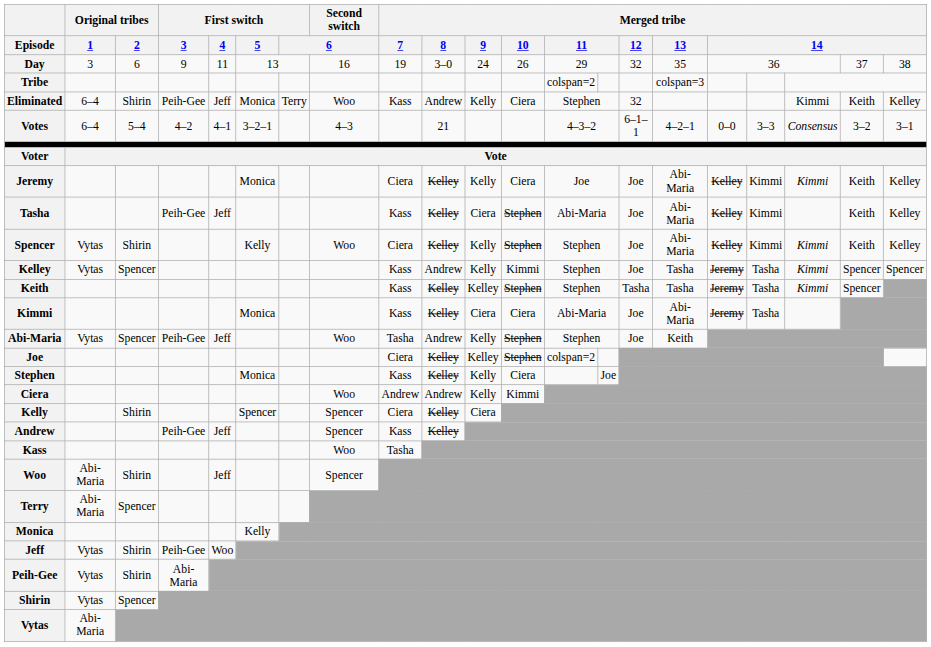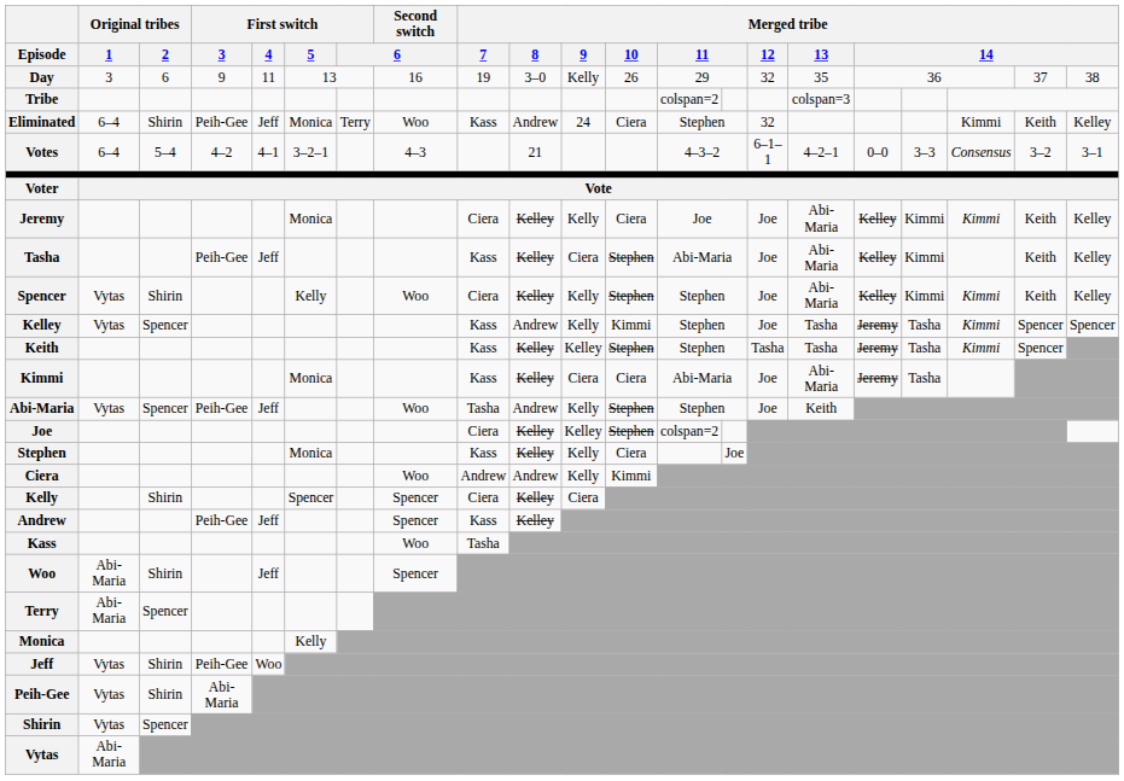 <table class="wikitable" style="text-align:center; width:100%">
 <tr>
 <th></th>
 <th colspan=2>Original tribes</th>
 <th colspan=4>First switch</th>
 <th>Second switch</th>
 <th colspan=13>Merged tribe</th>
 </tr>
 <tr>
 <th>Episode</th>
 <th><a href='#'>1</a></th>
 <th><a href='#'>2</a></th>
 <th><a href='#'>3</a></th>
 <th><a href='#'>4</a></th>
 <th><a href='#'>5</a></th>
 <th colspan=2><a href='#'>6</a></th>
 <th><a href='#'>7</a></th>
 <th><a href='#'>8</a></th>
 <th><a href='#'>9</a></th>
 <th><a href='#'>10</a></th>
 <th colspan=2><a href='#'>11</a></th>
 <th><a href='#'>12</a></th>
 <th><a href='#'>13</a></th>
 <th colspan=5><a href='#'>14</a></th>
 </tr>
 <tr>
 <th>Day</th>
 <td>3</td>
 <td>6</td>
 <td>9</td>
 <td>11</td>
 <td colspan=2>13</td>
 <td>16</td>
 <td>19</td>
 <td>3–0</td>
-<td>24</td>
+<td>Kelly</td>
 <td>26</td>
 <td colspan=2>29</td>
 <td>32</td>
 <td>35</td>
 <td colspan=3>36</td>
 <td>37</td>
 <td>38</td>
 </tr>
 <tr>
 <th>Tribe</th>
 <td></td>
 <td></td>
 <td></td>
 <td></td>
 <td></td>
 <td></td>
 <td></td>
 <td></td>
 <td></td>
 <td></td>
 <td></td>
 <td>colspan=2 </td>
 <td></td>
 <td></td>
 <td>colspan=3 </td>
 <td></td>
 <td></td>
 </tr>
 <tr>
 <th>Eliminated</th>
 <td>6–4</td>
 <td>Shirin</td>
 <td>Peih-Gee</td>
 <td>Jeff</td>
 <td>Monica</td>
 <td>Terry</td>
 <td>Woo</td>
 <td>Kass</td>
 <td>Andrew</td>
-<td>Kelly</td>
+<td>24</td>
 <td>Ciera</td>
 <td colspan=2>Stephen</td>
 <td>32</td>
 <td></td>
 <td></td>
 <td></td>
 <td>Kimmi</td>
 <td>Keith</td>
 <td>Kelley</td>
 </tr>
 <tr>
 <th>Votes</th>
 <td>6–4</td>
 <td>5–4</td>
 <td>4–2</td>
 <td>4–1</td>
 <td>3–2–1</td>
 <td></td>
 <td>4–3</td>
 <td></td>
 <td>21</td>
 <td></td>
 <td></td>
 <td colspan=2>4–3–2</td>
 <td>6–1–1</td>
 <td>4–2–1</td>
 <td>0–0</td>
 <td>3–3</td>
 <td><em>Consensus</em></td>
 <td>3–2</td>
 <td>3–1</td>
 </tr>
 <tr>
 <td bgcolor=black colspan=24></td>
 </tr>
 <tr>
 <th>Voter</th>
 <th colspan=20>Vote</th>
 </tr>
 <tr>
 <th>Jeremy</th>
 <td></td>
 <td></td>
 <td></td>
 <td></td>
 <td>Monica</td>
 <td></td>
 <td></td>
 <td>Ciera</td>
 <td><s>Kelley</s></td>
 <td>Kelly</td>
 <td>Ciera</td>
 <td colspan=2>Joe</td>
 <td>Joe</td>
 <td>Abi-Maria</td>
 <td><s>Kelley</s></td>
 <td>Kimmi</td>
 <td><em>Kimmi</em></td>
 <td>Keith</td>
 <td>Kelley</td>
 </tr>
 <tr>
 <th>Tasha</th>
 <td></td>
 <td></td>
 <td>Peih-Gee</td>
 <td>Jeff</td>
 <td></td>
 <td></td>
 <td></td>
 <td>Kass</td>
 <td><s>Kelley</s></td>
 <td>Ciera</td>
 <td><s>Stephen</s></td>
 <td colspan=2>Abi-Maria</td>
 <td>Joe</td>
 <td>Abi-Maria</td>
 <td><s>Kelley</s></td>
 <td>Kimmi</td>
 <td></td>
 <td>Keith</td>
 <td>Kelley</td>
 </tr>
 <tr>
 <th>Spencer</th>
 <td>Vytas</td>
 <td>Shirin</td>
 <td></td>
 <td></td>
 <td>Kelly</td>
 <td></td>
 <td>Woo</td>
 <td>Ciera</td>
 <td><s>Kelley</s></td>
 <td>Kelly</td>
 <td><s>Stephen</s></td>
 <td colspan=2>Stephen</td>
 <td>Joe</td>
 <td>Abi-Maria</td>
 <td><s>Kelley</s></td>
 <td>Kimmi</td>
 <td><em>Kimmi</em></td>
 <td>Keith</td>
 <td>Kelley</td>
 </tr>
 <tr>
 <th>Kelley</th>
 <td>Vytas</td>
 <td>Spencer</td>
 <td></td>
 <td></td>
 <td></td>
 <td></td>
 <td></td>
 <td>Kass</td>
 <td>Andrew</td>
 <td>Kelly</td>
 <td>Kimmi</td>
 <td colspan=2>Stephen</td>
 <td>Joe</td>
 <td>Tasha</td>
 <td><s>Jeremy</s></td>
 <td>Tasha</td>
 <td><em>Kimmi</em></td>
 <td>Spencer</td>
 <td>Spencer</td>
 </tr>
 <tr>
 <th>Keith</th>
 <td></td>
 <td></td>
 <td></td>
 <td></td>
 <td></td>
 <td></td>
 <td></td>
 <td>Kass</td>
 <td><s>Kelley</s></td>
 <td>Kelley</td>
 <td><s>Stephen</s></td>
 <td colspan=2>Stephen</td>
 <td>Tasha</td>
 <td>Tasha</td>
 <td><s>Jeremy</s></td>
 <td>Tasha</td>
 <td><em>Kimmi</em></td>
 <td>Spencer</td>
 <td bgcolor=darkgray></td>
 </tr>
 <tr>
 <th>Kimmi</th>
 <td></td>
 <td></td>
 <td></td>
 <td></td>
 <td>Monica</td>
 <td></td>
 <td></td>
 <td>Kass</td>
 <td><s>Kelley</s></td>
 <td>Ciera</td>
 <td>Ciera</td>
 <td colspan=2>Abi-Maria</td>
 <td>Joe</td>
 <td>Abi-Maria</td>
 <td><s>Jeremy</s></td>
 <td>Tasha</td>
 <td></td>
 <td bgcolor=darkgray colspan=2></td>
 </tr>
 <tr>
 <th>Abi-Maria</th>
 <td>Vytas</td>
 <td>Spencer</td>
 <td>Peih-Gee</td>
 <td>Jeff</td>
 <td></td>
 <td></td>
 <td>Woo</td>
 <td>Tasha</td>
 <td>Andrew</td>
 <td>Kelly</td>
 <td><s>Stephen</s></td>
 <td colspan=2>Stephen</td>
 <td>Joe</td>
 <td>Keith</td>
 <td bgcolor=darkgray colspan=5></td>
 </tr>
 <tr>
 <th>Joe</th>
 <td></td>
 <td></td>
 <td></td>
 <td></td>
 <td></td>
 <td></td>
 <td></td>
 <td>Ciera</td>
 <td><s>Kelley</s></td>
 <td>Kelley</td>
 <td><s>Stephen</s></td>
 <td>colspan=2 </td>
 <td></td>
 <td bgcolor=darkgray colspan=6></td>
 </tr>
 <tr>
 <th>Stephen</th>
 <td></td>
 <td></td>
 <td></td>
 <td></td>
 <td>Monica</td>
 <td></td>
 <td></td>
 <td>Kass</td>
 <td><s>Kelley</s></td>
 <td>Kelly</td>
 <td>Ciera</td>
 <td></td>
 <td>Joe</td>
 <td bgcolor=darkgray colspan=7></td>
 </tr>
 <tr>
 <th>Ciera</th>
 <td></td>
 <td></td>
 <td></td>
 <td></td>
 <td></td>
 <td></td>
 <td>Woo</td>
 <td>Andrew</td>
 <td>Andrew</td>
 <td>Kelly</td>
 <td>Kimmi</td>
 <td bgcolor=darkgray colspan=9></td>
 </tr>
 <tr>
 <th>Kelly</th>
 <td></td>
 <td>Shirin</td>
 <td></td>
 <td></td>
 <td>Spencer</td>
 <td></td>
 <td>Spencer</td>
 <td>Ciera</td>
 <td><s>Kelley</s></td>
 <td>Ciera</td>
 <td bgcolor=darkgray colspan=10></td>
 </tr>
 <tr>
 <th>Andrew</th>
 <td></td>
 <td></td>
 <td>Peih-Gee</td>
 <td>Jeff</td>
 <td></td>
 <td></td>
 <td>Spencer</td>
 <td>Kass</td>
 <td><s>Kelley</s></td>
 <td bgcolor=darkgray colspan=11></td>
 </tr>
 <tr>
 <th>Kass</th>
 <td></td>
 <td></td>
 <td></td>
 <td></td>
 <td></td>
 <td></td>
 <td>Woo</td>
 <td>Tasha</td>
 <td bgcolor=darkgray colspan=12></td>
 </tr>
 <tr>
 <th>Woo</th>
 <td>Abi-Maria</td>
 <td>Shirin</td>
 <td></td>
 <td>Jeff</td>
 <td></td>
 <td></td>
 <td>Spencer</td>
 <td bgcolor=darkgray colspan=13></td>
 </tr>
 <tr>
 <th>Terry</th>
 <td>Abi-Maria</td>
 <td>Spencer</td>
 <td></td>
 <td></td>
 <td></td>
 <td></td>
 <td bgcolor=darkgray colspan=14></td>
 </tr>
 <tr>
 <th>Monica</th>
 <td></td>
 <td></td>
 <td></td>
 <td></td>
 <td>Kelly</td>
 <td bgcolor=darkgray colspan=15></td>
 </tr>
 <tr>
 <th>Jeff</th>
 <td>Vytas</td>
 <td>Shirin</td>
 <td>Peih-Gee</td>
 <td>Woo</td>
 <td bgcolor=darkgray colspan=16></td>
 </tr>
 <tr>
 <th>Peih-Gee</th>
 <td>Vytas</td>
 <td>Shirin</td>
 <td>Abi-Maria</td>
 <td bgcolor=darkgray colspan=17></td>
 </tr>
 <tr>
 <th>Shirin</th>
 <td>Vytas</td>
 <td>Spencer</td>
 <td bgcolor=darkgray colspan=18></td>
 </tr>
 <tr>
 <th>Vytas</th>
 <td>Abi-Maria</td>
 <td bgcolor=darkgray colspan=19></td>
 </tr>
 </table>
